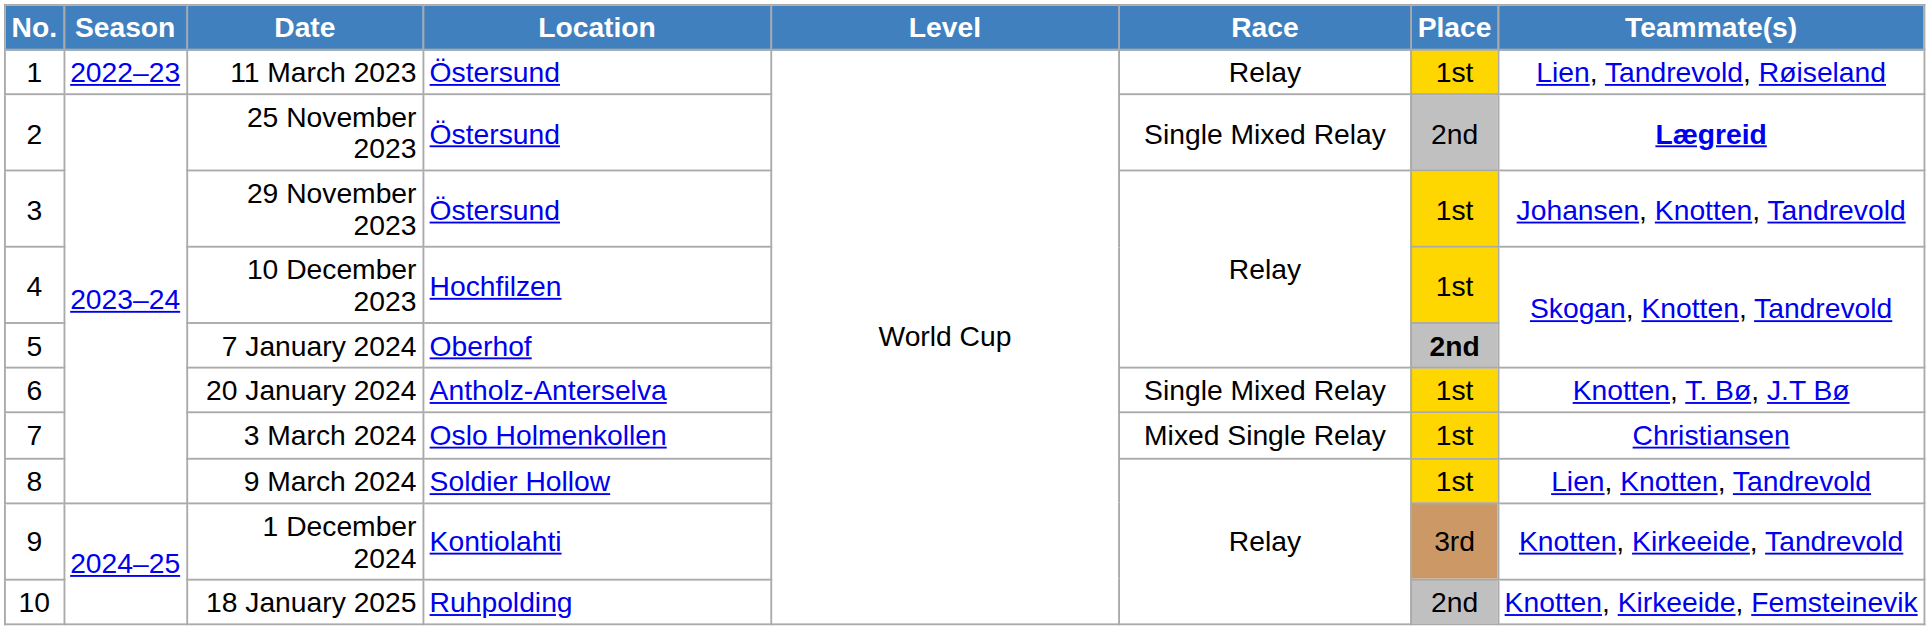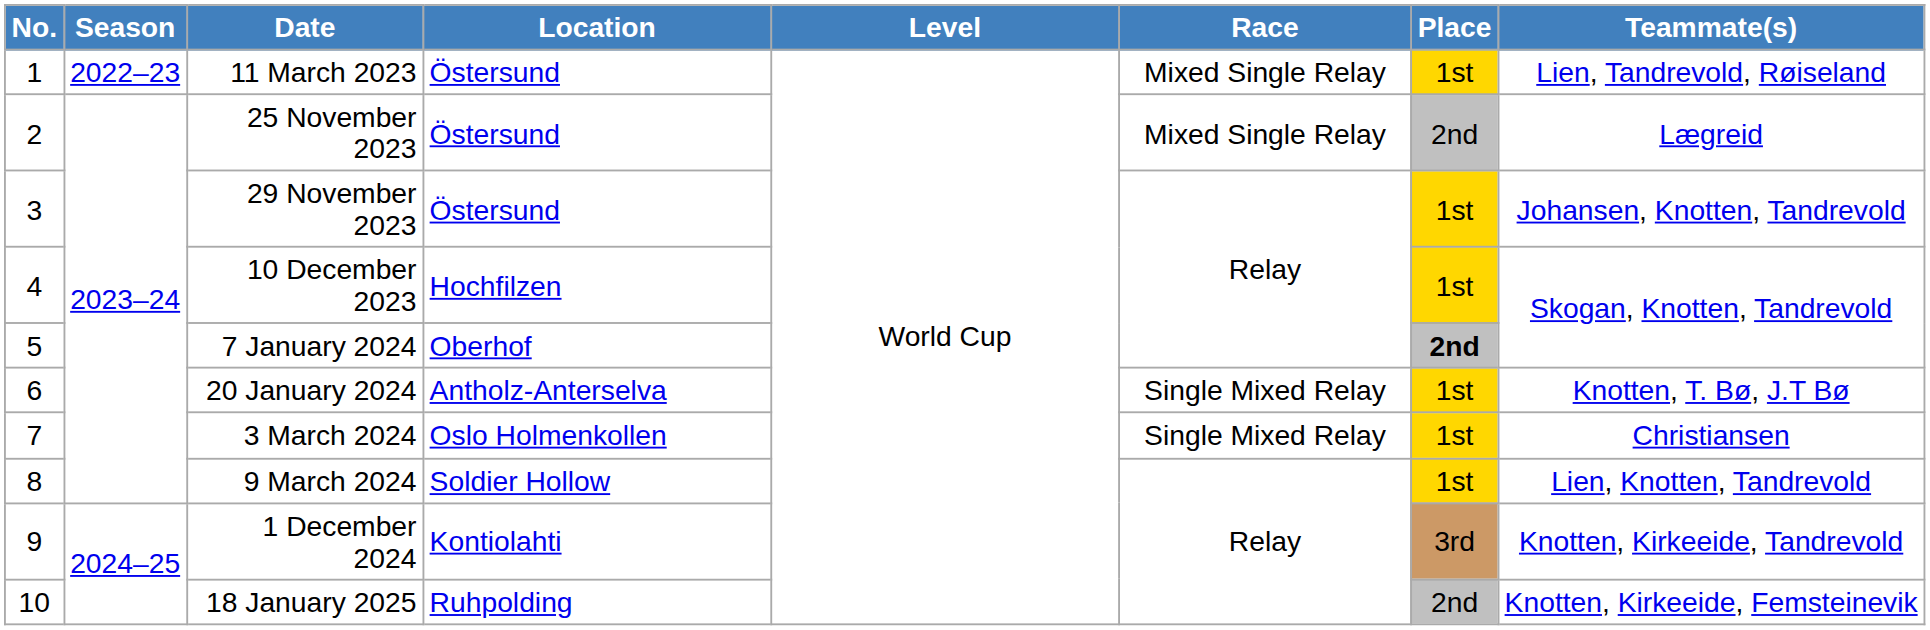 <table class="wikitable sortable" style="font-size:95%; text-align:center; border:grey solid 1px; border-collapse:collapse; background:#ffffff;">
 <tr style="background:#efefef;">
 <th style="background-color:#4180be; color:white;">No.</th>
 <th style="background-color:#4180be; color:white;">Season</th>
 <th style="background-color:#4180be; color:white; width:120px;">Date</th>
 <th style="background-color:#4180be; color:white; width:180px;">Location</th>
 <th style="background-color:#4180be; color:white; width:180px;">Level</th>
 <th style="background-color:#4180be; color:white; width:150px;">Race</th>
 <th style="background-color:#4180be; color:white;">Place</th>
 <th style="background-color:#4180be; color:white;">Teammate(s)</th>
 </tr>
 <tr>
 <td align=center>1</td>
 <td rowspan=1 align=center><a href='#'>2022–23</a></td>
 <td align=right>11 March 2023</td>
 <td align=left> <a href='#'>Östersund</a></td>
 <td rowspan=10>World Cup</td>
-<td>Relay</td>
+<td>Mixed Single Relay</td>
 <td bgcolor="gold">1st</td>
 <td><a href='#'>Lien</a>, <a href='#'>Tandrevold</a>, <a href='#'>Røiseland</a></td>
 </tr>
 <tr>
 <td align=center>2</td>
 <td rowspan=7 align=center><a href='#'>2023–24</a></td>
 <td align=right>25 November 2023</td>
 <td align=left> <a href='#'>Östersund</a></td>
-<td>Single Mixed Relay</td>
+<td>Mixed Single Relay</td>
 <td align=center style="background:silver">2nd</td>
-<td><strong><a href='#'>Lægreid</a></strong></td>
+<td><a href='#'>Lægreid</a></td>
 </tr>
 <tr>
 <td align=center>3</td>
 <td align=right>29 November 2023</td>
 <td align=left> <a href='#'>Östersund</a></td>
 <td rowspan=3>Relay</td>
 <td bgcolor="gold">1st</td>
 <td><a href='#'>Johansen</a>, <a href='#'>Knotten</a>, <a href='#'>Tandrevold</a></td>
 </tr>
 <tr>
 <td align=center>4</td>
 <td align=right>10 December 2023</td>
 <td align=left> <a href='#'>Hochfilzen</a></td>
 <td bgcolor="gold">1st</td>
 <td rowspan=2><a href='#'>Skogan</a>, <a href='#'>Knotten</a>, <a href='#'>Tandrevold</a></td>
 </tr>
 <tr>
 <td align=center>5</td>
 <td align=right>7 January 2024</td>
 <td align=left> <a href='#'>Oberhof</a></td>
 <td align=center style="background:silver"><strong>2nd</strong></td>
 </tr>
 <tr>
 <td align=center>6</td>
 <td align=right>20 January 2024</td>
 <td align=left> <a href='#'>Antholz-Anterselva</a></td>
 <td>Single Mixed Relay</td>
 <td bgcolor="gold">1st</td>
 <td><a href='#'>Knotten</a>, <a href='#'>T. Bø</a>, <a href='#'>J.T Bø</a></td>
 </tr>
 <tr>
 <td align=center>7</td>
 <td align=right>3 March 2024</td>
 <td align=left> <a href='#'>Oslo Holmenkollen</a></td>
-<td>Mixed Single Relay</td>
+<td>Single Mixed Relay</td>
 <td bgcolor="gold">1st</td>
 <td><a href='#'>Christiansen</a></td>
 </tr>
 <tr>
 <td align=center>8</td>
 <td align=right>9 March 2024</td>
 <td align=left> <a href='#'>Soldier Hollow</a></td>
 <td rowspan=3>Relay</td>
 <td bgcolor="gold">1st</td>
 <td><a href='#'>Lien</a>, <a href='#'>Knotten</a>, <a href='#'>Tandrevold</a></td>
 </tr>
 <tr>
 <td align=center>9</td>
 <td rowspan=2 align=center><a href='#'>2024–25</a></td>
 <td align=right>1 December 2024</td>
 <td align=left> <a href='#'>Kontiolahti</a></td>
 <td bgcolor="cc9966">3rd</td>
 <td><a href='#'>Knotten</a>, <a href='#'>Kirkeeide</a>, <a href='#'>Tandrevold</a></td>
 </tr>
 <tr>
 <td align=center>10</td>
 <td align=right>18 January 2025</td>
 <td align=left> <a href='#'>Ruhpolding</a></td>
 <td align=center style="background:silver">2nd</td>
 <td><a href='#'>Knotten</a>, <a href='#'>Kirkeeide</a>, <a href='#'>Femsteinevik</a></td>
 </tr>
 </table>
